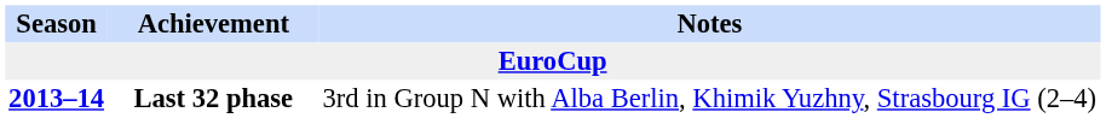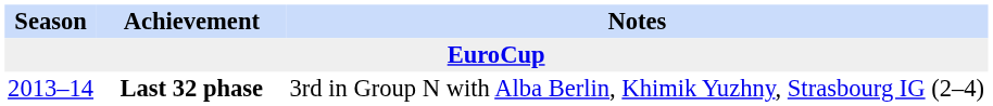 <table class="toccolours" border="0" cellpadding="2" cellspacing="0" align="left" style="margin:0.5em;">
 <tr bgcolor=#CADCFB>
 <th>Season</th>
 <th style="width:120px;">Achievement</th>
 <th>Notes</th>
 </tr>
 <tr>
 <th colspan="4" bgcolor=#EFEFEF><a href='#'>EuroCup</a></th>
 </tr>
 <tr>
-<td align="center"><strong><a href='#'>2013–14</a></strong></td>
+<td align="center"><a href='#'>2013–14</a></td>
 <td align="center"><strong>Last 32 phase</strong></td>
 <td align="left">3rd in Group N with <a href='#'>Alba Berlin</a>, <a href='#'>Khimik Yuzhny</a>, <a href='#'>Strasbourg IG</a> (2–4)</td>
 </tr>
 <tr>
 </tr>
 </table>
